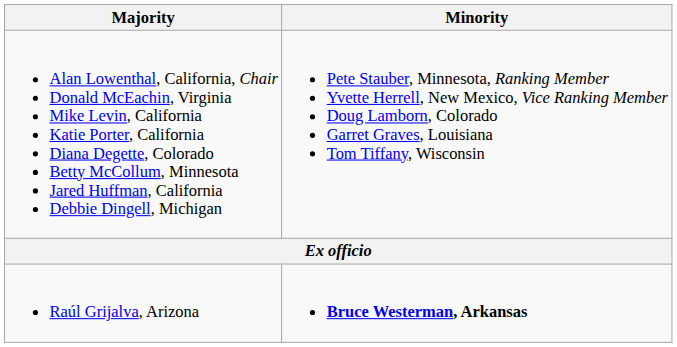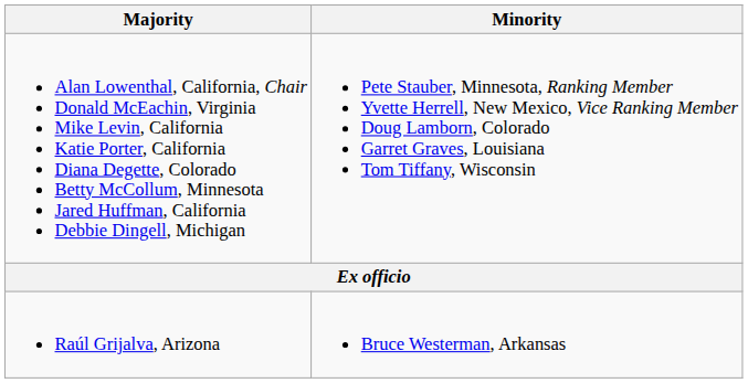 <table class=wikitable>
 <tr>
 <th>Majority</th>
 <th>Minority</th>
 </tr>
 <tr valign=top>
 <td><br><ul><li><a href='#'>Alan Lowenthal</a>, California, <em>Chair</em></li><li><a href='#'>Donald McEachin</a>, Virginia</li><li><a href='#'>Mike Levin</a>, California</li><li><a href='#'>Katie Porter</a>, California</li><li><a href='#'>Diana Degette</a>, Colorado</li><li><a href='#'>Betty McCollum</a>, Minnesota</li><li><a href='#'>Jared Huffman</a>, California</li><li><a href='#'>Debbie Dingell</a>, Michigan</li></ul></td>
 <td><br><ul><li><a href='#'>Pete Stauber</a>, Minnesota, <em>Ranking Member</em></li><li><a href='#'>Yvette Herrell</a>, New Mexico, <em>Vice Ranking Member</em></li><li><a href='#'>Doug Lamborn</a>, Colorado</li><li><a href='#'>Garret Graves</a>, Louisiana</li><li><a href='#'>Tom Tiffany</a>, Wisconsin</li></ul></td>
 </tr>
 <tr>
 <th colspan=2><em>Ex officio</em></th>
 </tr>
 <tr>
 <td><br><ul><li><a href='#'>Raúl Grijalva</a>, Arizona</li></ul></td>
-<td><strong><br><ul><li><a href='#'>Bruce Westerman</a>, Arkansas</li></ul></strong></td>
+<td><br><ul><li><a href='#'>Bruce Westerman</a>, Arkansas</li></ul></td>
 </tr>
 </table>
